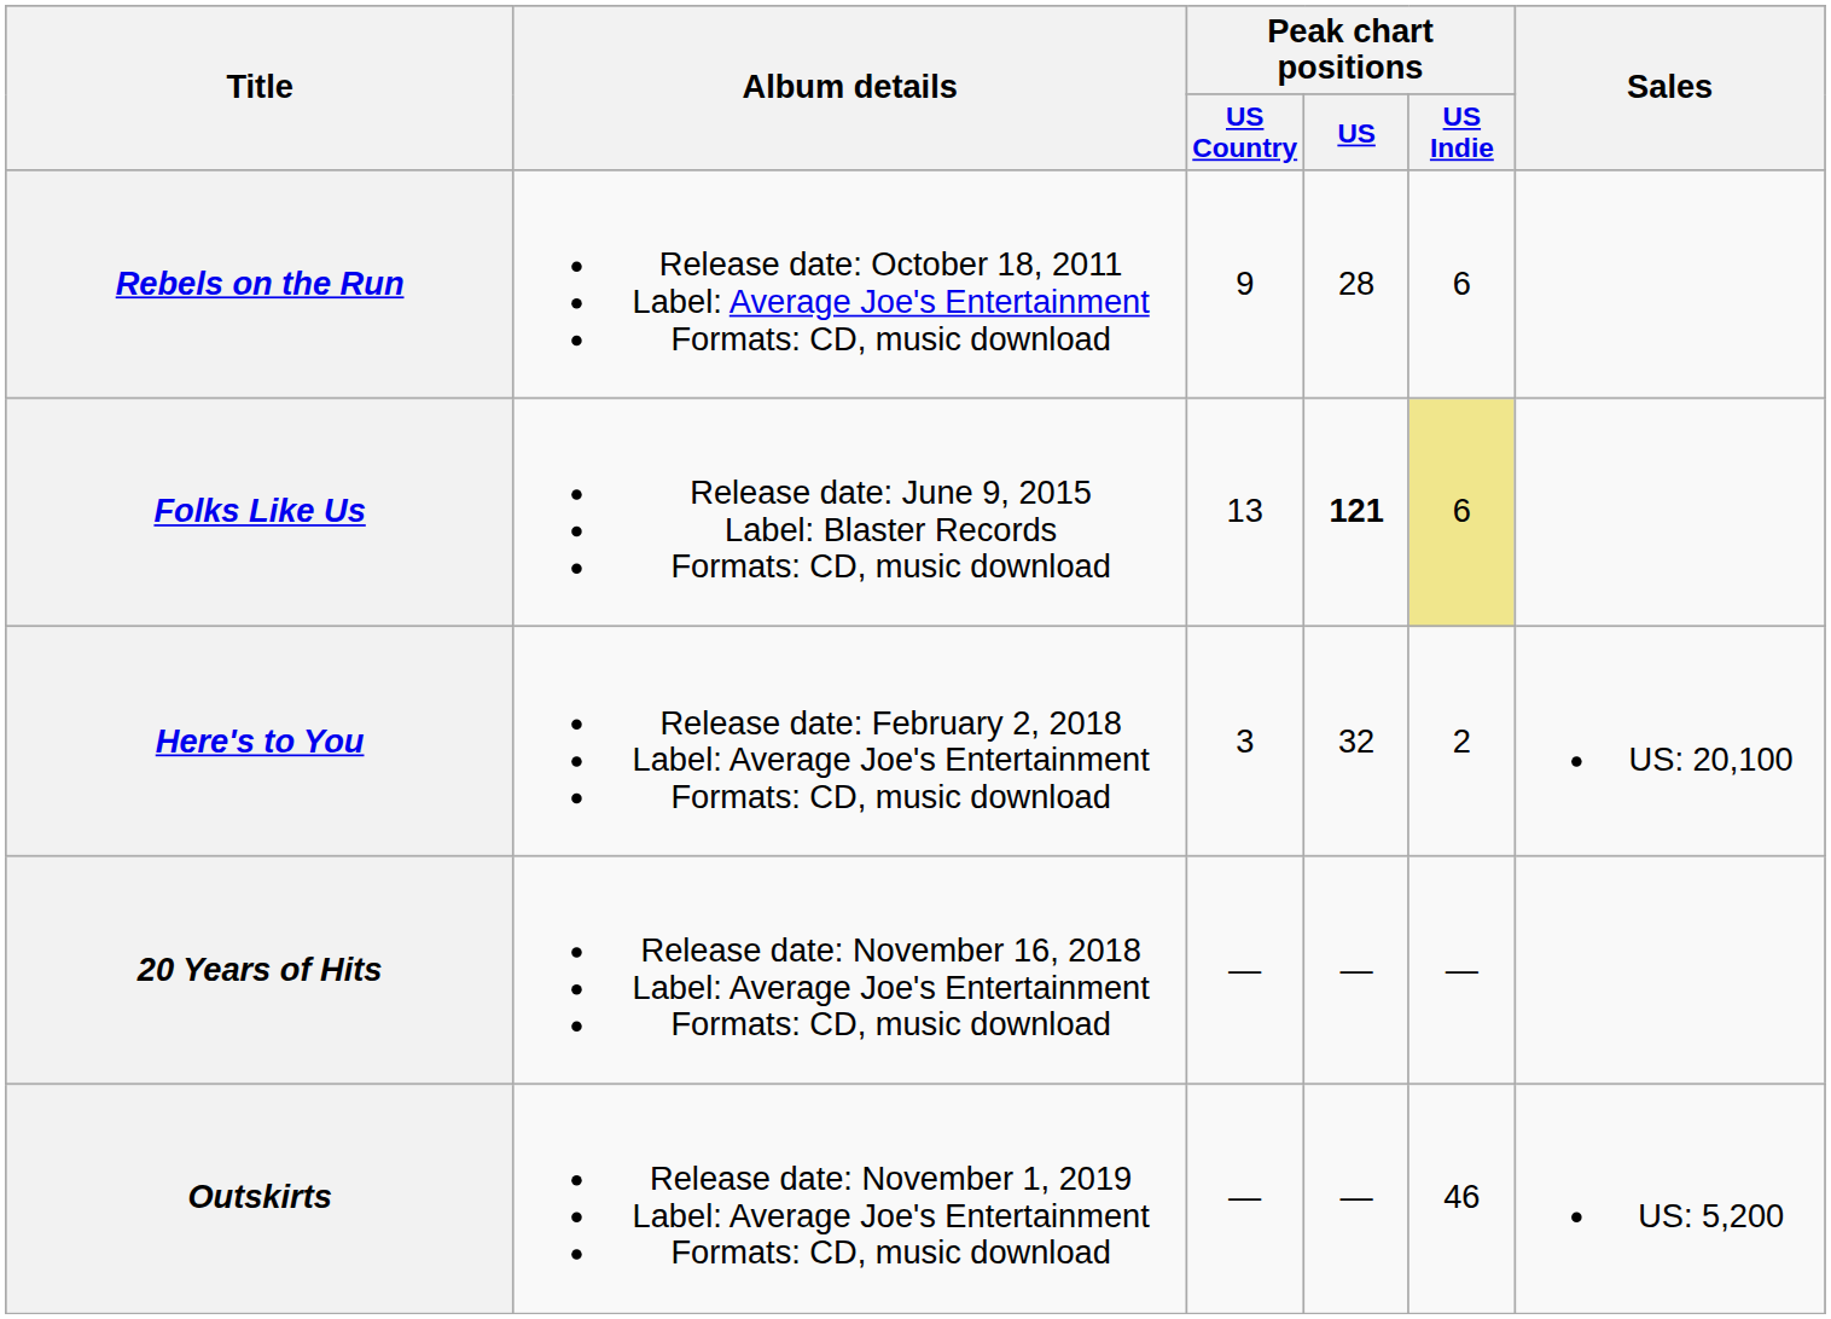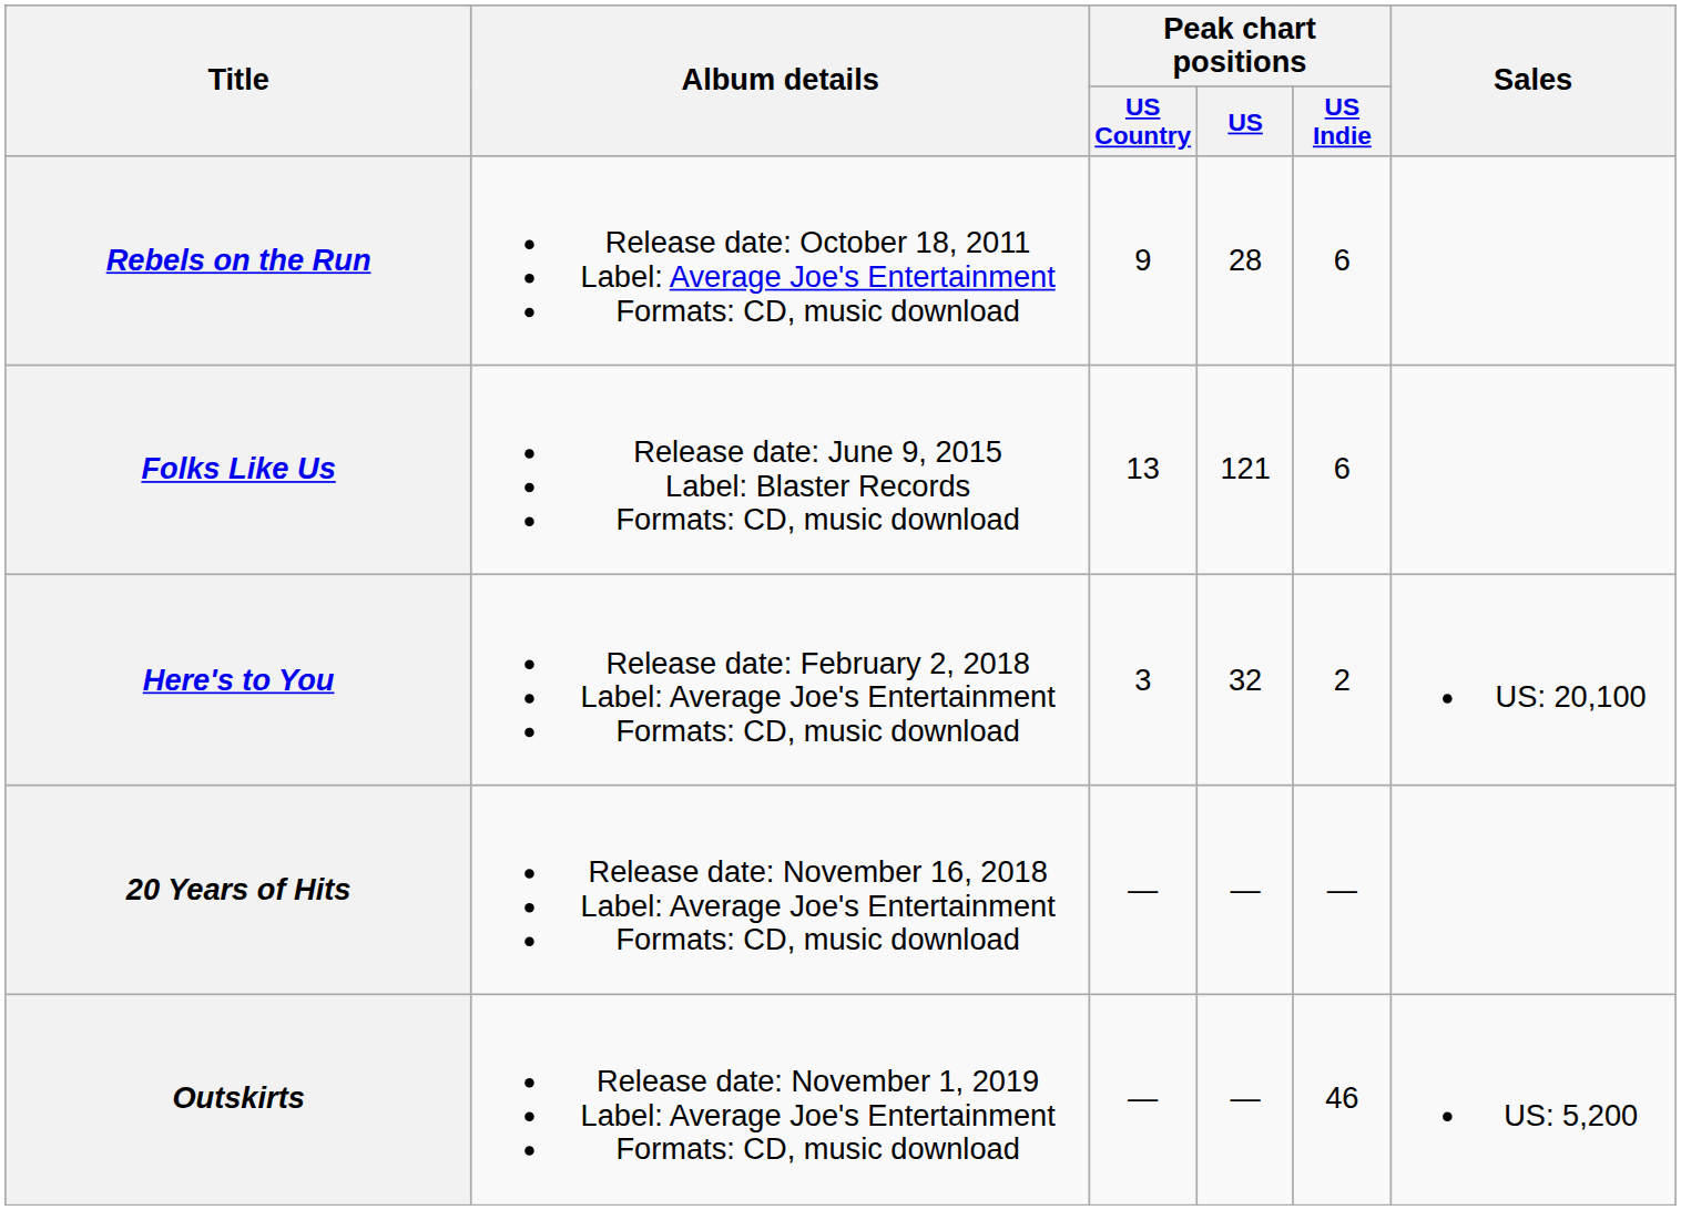 <table class="wikitable plainrowheaders" style="text-align:center;">
 <tr>
 <th rowspan="2" style="width:15em;">Title</th>
 <th rowspan="2" style="width:20em;">Album details</th>
 <th colspan="3">Peak chart positions</th>
 <th rowspan="2" style="width:9em;">Sales</th>
 </tr>
 <tr style="font-size:smaller;">
 <th width="45"><a href='#'>US Country</a><br></th>
 <th width="45"><a href='#'>US</a><br></th>
 <th width="45"><a href='#'>US Indie</a><br></th>
 </tr>
 <tr>
 <th scope="row"><em><a href='#'>Rebels on the Run</a></em></th>
 <td><br><ul><li>Release date: October 18, 2011</li><li>Label: <a href='#'>Average Joe's Entertainment</a></li><li>Formats: CD, music download</li></ul></td>
 <td>9</td>
 <td>28</td>
 <td>6</td>
 <td></td>
 </tr>
 <tr>
 <th scope="row"><em><a href='#'>Folks Like Us</a></em></th>
 <td><br><ul><li>Release date: June 9, 2015</li><li>Label: Blaster Records</li><li>Formats: CD, music download</li></ul></td>
 <td>13</td>
-<td><strong>121</strong></td>
-<td style="background: khaki;">6</td>
+<td>121</td>
+<td>6</td>
 <td></td>
 </tr>
 <tr>
 <th scope="row"><em><a href='#'>Here's to You</a></em></th>
 <td><br><ul><li>Release date: February 2, 2018</li><li>Label: Average Joe's Entertainment</li><li>Formats: CD, music download</li></ul></td>
 <td>3</td>
 <td>32</td>
 <td>2</td>
 <td><br><ul><li>US: 20,100</li></ul></td>
 </tr>
 <tr>
 <th scope="row"><em>20 Years of Hits</em></th>
 <td><br><ul><li>Release date: November 16, 2018</li><li>Label: Average Joe's Entertainment</li><li>Formats: CD, music download</li></ul></td>
 <td>—</td>
 <td>—</td>
 <td>—</td>
 </tr>
 <tr>
 <th scope="row"><em>Outskirts</em></th>
 <td><br><ul><li>Release date: November 1, 2019</li><li>Label: Average Joe's Entertainment</li><li>Formats: CD, music download</li></ul></td>
 <td>—</td>
 <td>—</td>
 <td>46</td>
 <td><br><ul><li>US: 5,200</li></ul></td>
 </tr>
 <tr>
 </tr>
 </table>
